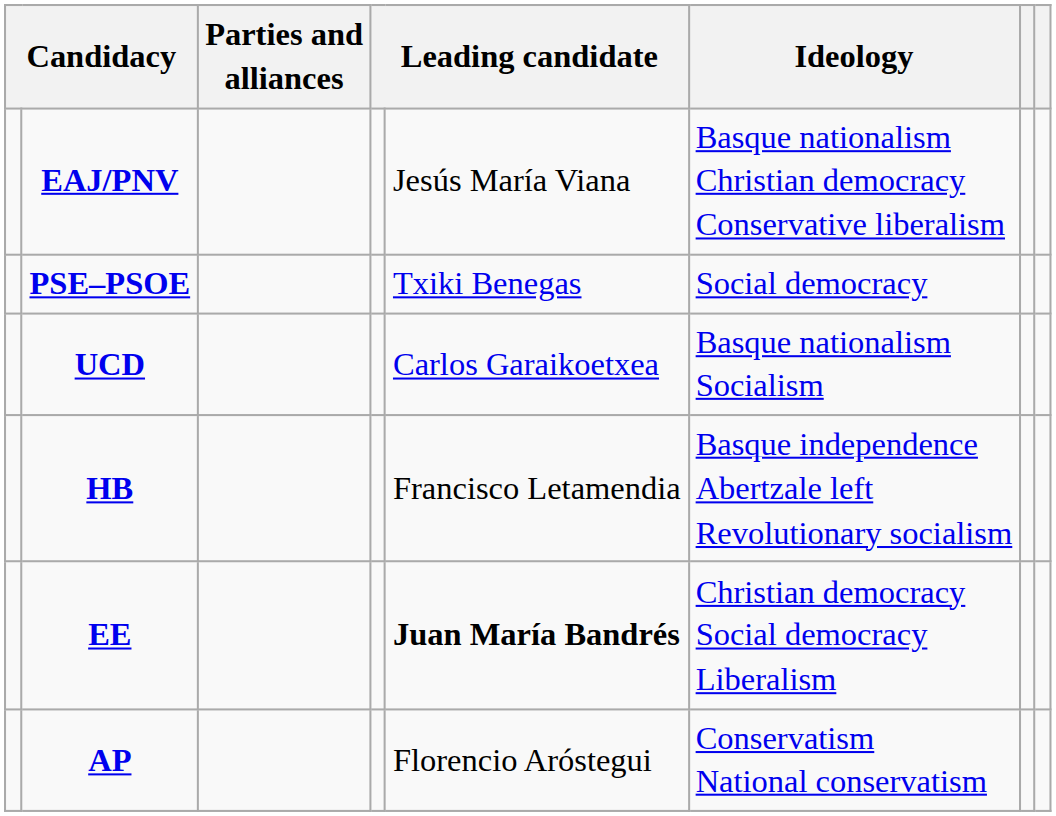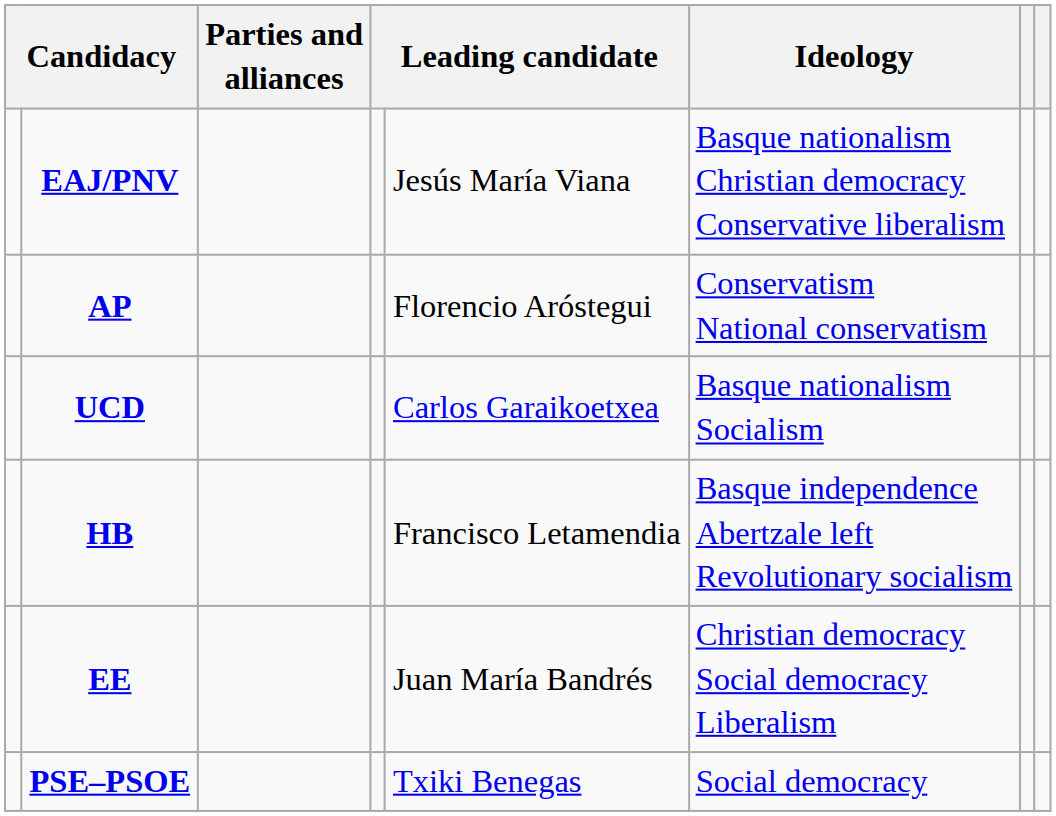 <table class="wikitable" style="line-height:1.35em; text-align:left;">
 <tr>
 <th colspan="2">Candidacy</th>
 <th>Parties and<br>alliances</th>
 <th colspan="2">Leading candidate</th>
 <th>Ideology</th>
 <th></th>
 <th></th>
 </tr>
 <tr>
 <td width="1" style="color:inherit;background:"></td>
 <td align="center"><strong><a href='#'>EAJ/PNV</a></strong></td>
 <td></td>
 <td></td>
 <td>Jesús María Viana</td>
 <td><a href='#'>Basque nationalism</a><br><a href='#'>Christian democracy</a><br><a href='#'>Conservative liberalism</a></td>
 <td></td>
 <td></td>
 </tr>
 <tr>
 <td style="color:inherit;background:"></td>
-<td align="center"><strong><a href='#'>PSE–PSOE</a></strong></td>
+<td align="center"><strong><a href='#'>AP</a></strong></td>
 <td></td>
 <td></td>
-<td><a href='#'>Txiki Benegas</a></td>
-<td><a href='#'>Social democracy</a></td>
+<td>Florencio Aróstegui</td>
+<td><a href='#'>Conservatism</a><br><a href='#'>National conservatism</a></td>
 <td></td>
 <td></td>
 </tr>
 <tr>
 <td style="color:inherit;background:"></td>
 <td align="center"><strong><a href='#'>UCD</a></strong></td>
 <td></td>
 <td></td>
 <td><a href='#'>Carlos Garaikoetxea</a></td>
 <td><a href='#'>Basque nationalism</a><br><a href='#'>Socialism</a></td>
 <td></td>
 <td></td>
 </tr>
 <tr>
 <td style="color:inherit;background:"></td>
 <td align="center"><strong><a href='#'>HB</a></strong></td>
 <td></td>
 <td></td>
 <td>Francisco Letamendia</td>
 <td><a href='#'>Basque independence</a><br><a href='#'>Abertzale left</a><br><a href='#'>Revolutionary socialism</a></td>
 <td></td>
 <td></td>
 </tr>
 <tr>
 <td style="color:inherit;background:"></td>
 <td align="center"><strong><a href='#'>EE</a></strong></td>
 <td></td>
 <td></td>
-<td><strong>Juan María Bandrés</strong></td>
+<td>Juan María Bandrés</td>
 <td><a href='#'>Christian democracy</a><br><a href='#'>Social democracy</a><br><a href='#'>Liberalism</a></td>
 <td></td>
 <td></td>
 </tr>
 <tr>
 <td style="color:inherit;background:"></td>
-<td align="center"><strong><a href='#'>AP</a></strong></td>
+<td align="center"><strong><a href='#'>PSE–PSOE</a></strong></td>
 <td></td>
 <td></td>
-<td>Florencio Aróstegui</td>
-<td><a href='#'>Conservatism</a><br><a href='#'>National conservatism</a></td>
+<td><a href='#'>Txiki Benegas</a></td>
+<td><a href='#'>Social democracy</a></td>
 <td></td>
 <td></td>
 </tr>
 </table>
